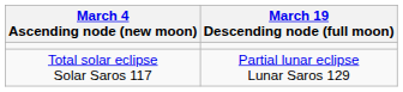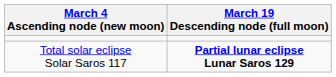 <table class="wikitable">
 <tr>
 <th><a href='#'>March 4</a><br>Ascending node (new moon)<br></th>
 <th><a href='#'>March 19</a><br>Descending node (full moon)<br></th>
 </tr>
 <tr>
 <td></td>
 <td></td>
 </tr>
 <tr align=center>
 <td><a href='#'>Total solar eclipse</a><br>Solar Saros 117</td>
-<td><a href='#'>Partial lunar eclipse</a><br>Lunar Saros 129</td>
+<td><strong><a href='#'>Partial lunar eclipse</a><br>Lunar Saros 129</strong></td>
 </tr>
 </table>
